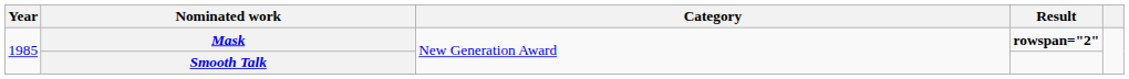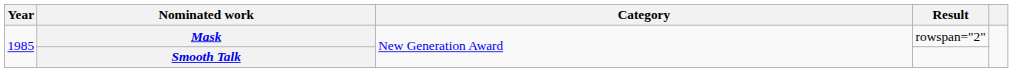 <table class="wikitable sortable">
 <tr>
 <th scope="col" style="width:1em;">Year</th>
 <th scope="col" style="width:25em;">Nominated work</th>
 <th scope="col" style="width:40em;">Category</th>
 <th scope="col" style="width:5em;">Result</th>
 <th scope="col" style="width:1em;"class="unsortable"></th>
 </tr>
 <tr>
 <td rowspan="2"><a href='#'>1985</a></td>
 <th><em><a href='#'>Mask</a></em></th>
 <td rowspan="2"><a href='#'>New Generation Award</a></td>
-<td><strong>rowspan="2" </strong></td>
+<td>rowspan="2" </td>
 <td style="text-align:center;" rowspan="2"></td>
 </tr>
 <tr>
 <th><em><a href='#'>Smooth Talk</a></em></th>
 </tr>
 </table>
